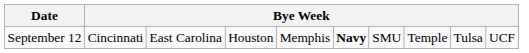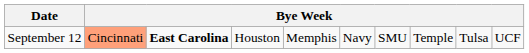 <table class="wikitable" style="font-size:95%;">
 <tr>
 <th>Date</th>
 <th colspan="10">Bye Week</th>
 </tr>
 <tr>
 <td>September 12</td>
-<td>Cincinnati</td>
-<td>East Carolina</td>
+<td style="background: lightsalmon;">Cincinnati</td>
+<td><strong>East Carolina</strong></td>
 <td>Houston</td>
 <td>Memphis</td>
-<td><strong>Navy</strong></td>
+<td>Navy</td>
 <td>SMU</td>
 <td>Temple</td>
 <td>Tulsa</td>
 <td>UCF</td>
 </tr>
 </table>
